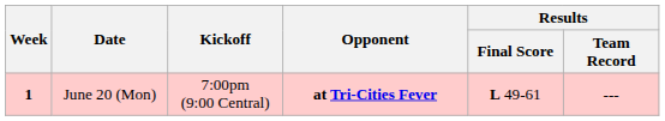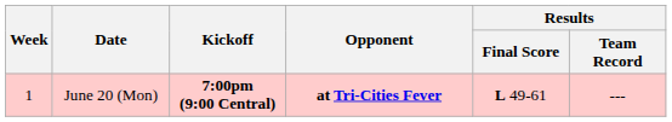 <table class="wikitable">
 <tr>
 <th rowspan="2" width="40">Week</th>
 <th rowspan="2" width="110">Date</th>
 <th rowspan="2" width="110">Kickoff</th>
 <th rowspan="2" width="180">Opponent</th>
 <th colspan="2" width="180">Results</th>
 </tr>
 <tr>
 <th width="90">Final Score</th>
 <th width="90">Team Record</th>
 </tr>
 <tr align="center" bgcolor="#FFCCCC">
-<td align="center"><strong>1</strong></td>
+<td align="center">1</td>
 <td align="center">June 20 (Mon)</td>
-<td align="center">7:00pm<br>(9:00 Central)</td>
+<td align="center"><strong>7:00pm<br>(9:00 Central)</strong></td>
 <td align="center"><strong>at <a href='#'>Tri-Cities Fever</a></strong></td>
 <td align="center"><strong>L</strong> 49-61</td>
 <td align="center">---</td>
 </tr>
 </table>
